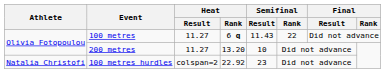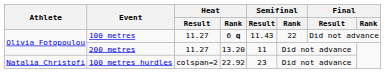 <table class=wikitable style=font-size:90%>
 <tr>
 <th rowspan=2>Athlete</th>
 <th rowspan=2>Event</th>
 <th colspan=2>Heat</th>
 <th colspan=2>Semifinal</th>
 <th colspan=2>Final</th>
 </tr>
 <tr style=font-size:95%>
 <th>Result</th>
 <th>Rank</th>
 <th>Result</th>
 <th>Rank</th>
 <th>Result</th>
 <th>Rank</th>
 </tr>
 <tr align=center>
 <td align=left rowspan=2><a href='#'>Olivia Fotopoulou</a></td>
 <td align=left><a href='#'>100 metres</a></td>
 <td>11.27 </td>
 <td>6 <strong>q</strong></td>
 <td>11.43</td>
 <td>22</td>
 <td colspan=2>Did not advance</td>
 </tr>
 <tr align=center>
 <td align=left><a href='#'>200 metres</a></td>
 <td>11.27 </td>
 <td>13.20</td>
-<td>10</td>
+<td>11</td>
 <td colspan=2>Did not advance</td>
 </tr>
 <tr align=center>
 <td align=left><a href='#'>Natalia Christofi</a></td>
 <td align=left><a href='#'>100 metres hurdles</a></td>
 <td>colspan=2</td>
 <td>22.92 </td>
 <td>23</td>
 <td colspan=2>Did not advance</td>
 </tr>
 </table>
